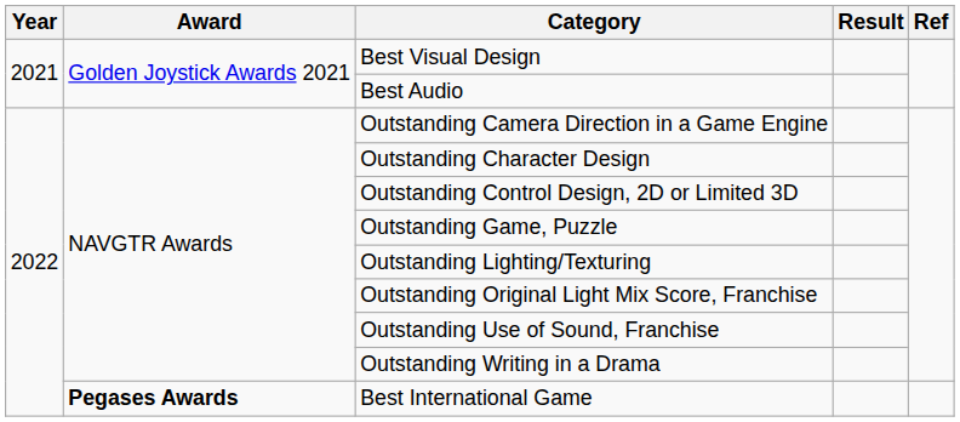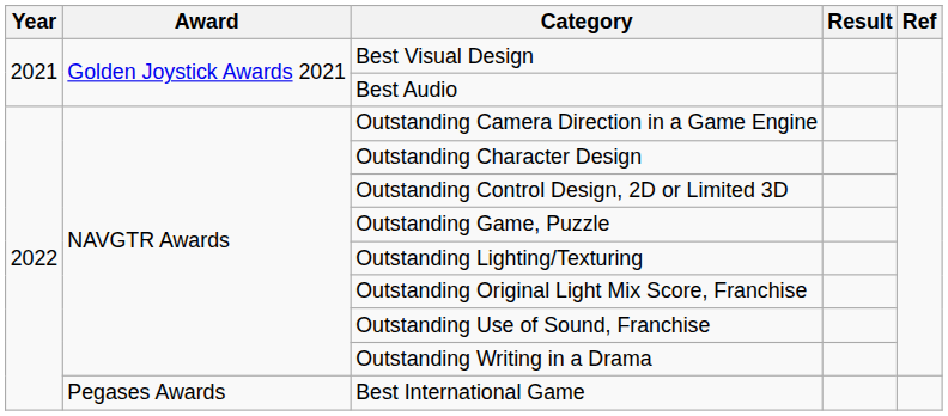 <table class="wikitable unsortable">
 <tr>
 <th>Year</th>
 <th>Award</th>
 <th>Category</th>
 <th>Result</th>
 <th>Ref</th>
 </tr>
 <tr>
 <td rowspan="2">2021</td>
 <td rowspan="2"><a href='#'>Golden Joystick Awards</a> 2021</td>
 <td>Best Visual Design</td>
 <td></td>
 <td rowspan="2" style="text-align:center;"></td>
 </tr>
 <tr>
 <td>Best Audio</td>
 <td></td>
 </tr>
 <tr>
 <td rowspan="9">2022</td>
 <td rowspan="8">NAVGTR Awards</td>
 <td>Outstanding Camera Direction in a Game Engine</td>
 <td></td>
 <td rowspan="8" style="text-align:center;"></td>
 </tr>
 <tr>
 <td>Outstanding Character Design</td>
 <td></td>
 </tr>
 <tr>
 <td>Outstanding Control Design, 2D or Limited 3D</td>
 <td></td>
 </tr>
 <tr>
 <td>Outstanding Game, Puzzle</td>
 <td></td>
 </tr>
 <tr>
 <td>Outstanding Lighting/Texturing</td>
 <td></td>
 </tr>
 <tr>
 <td>Outstanding Original Light Mix Score, Franchise</td>
 <td></td>
 </tr>
 <tr>
 <td>Outstanding Use of Sound, Franchise</td>
 <td></td>
 </tr>
 <tr>
 <td>Outstanding Writing in a Drama</td>
 <td></td>
 </tr>
 <tr>
-<td><strong>Pegases Awards</strong></td>
+<td>Pegases Awards</td>
 <td>Best International Game</td>
 <td></td>
 <td align="center"></td>
 </tr>
 </table>
